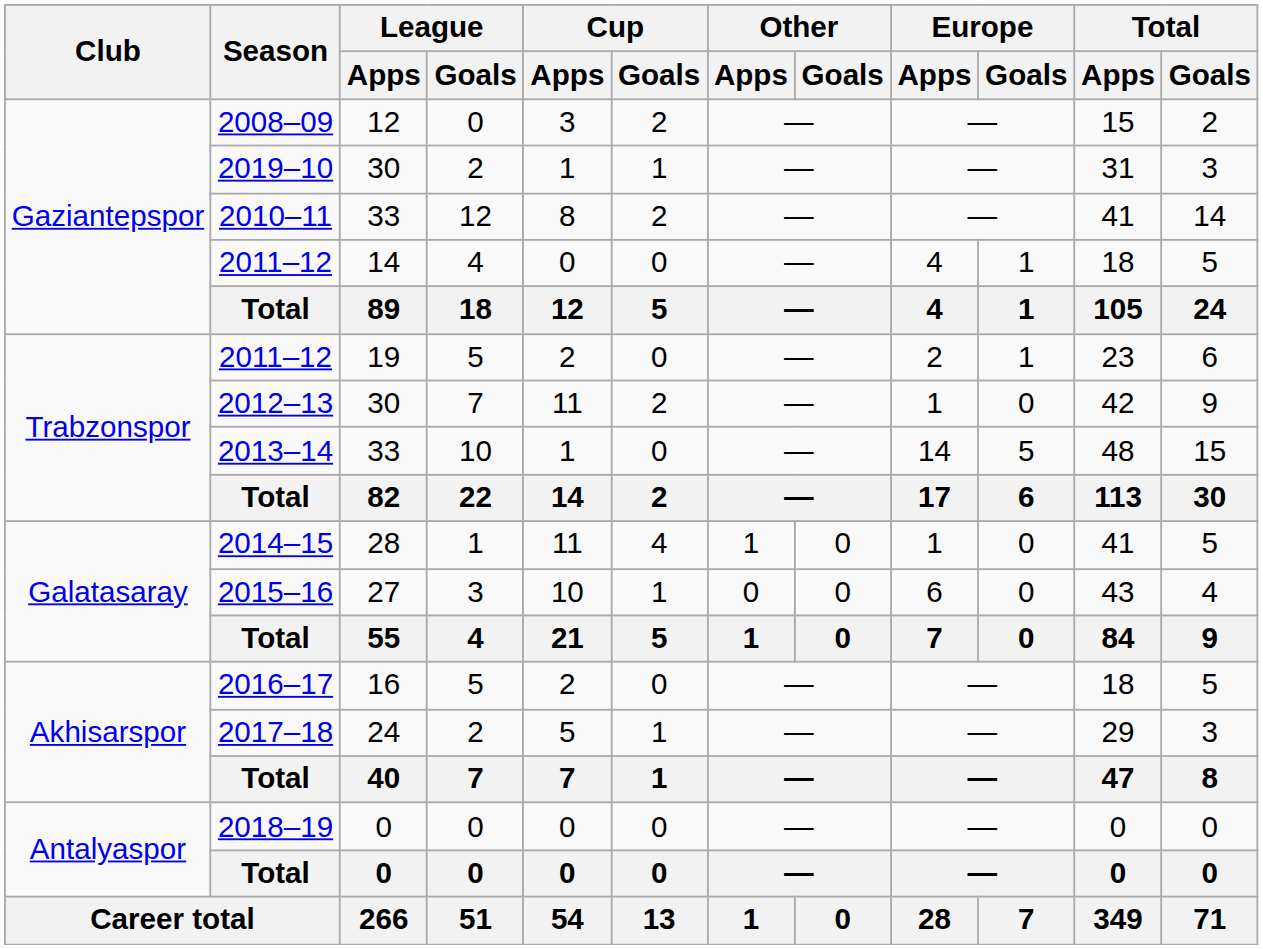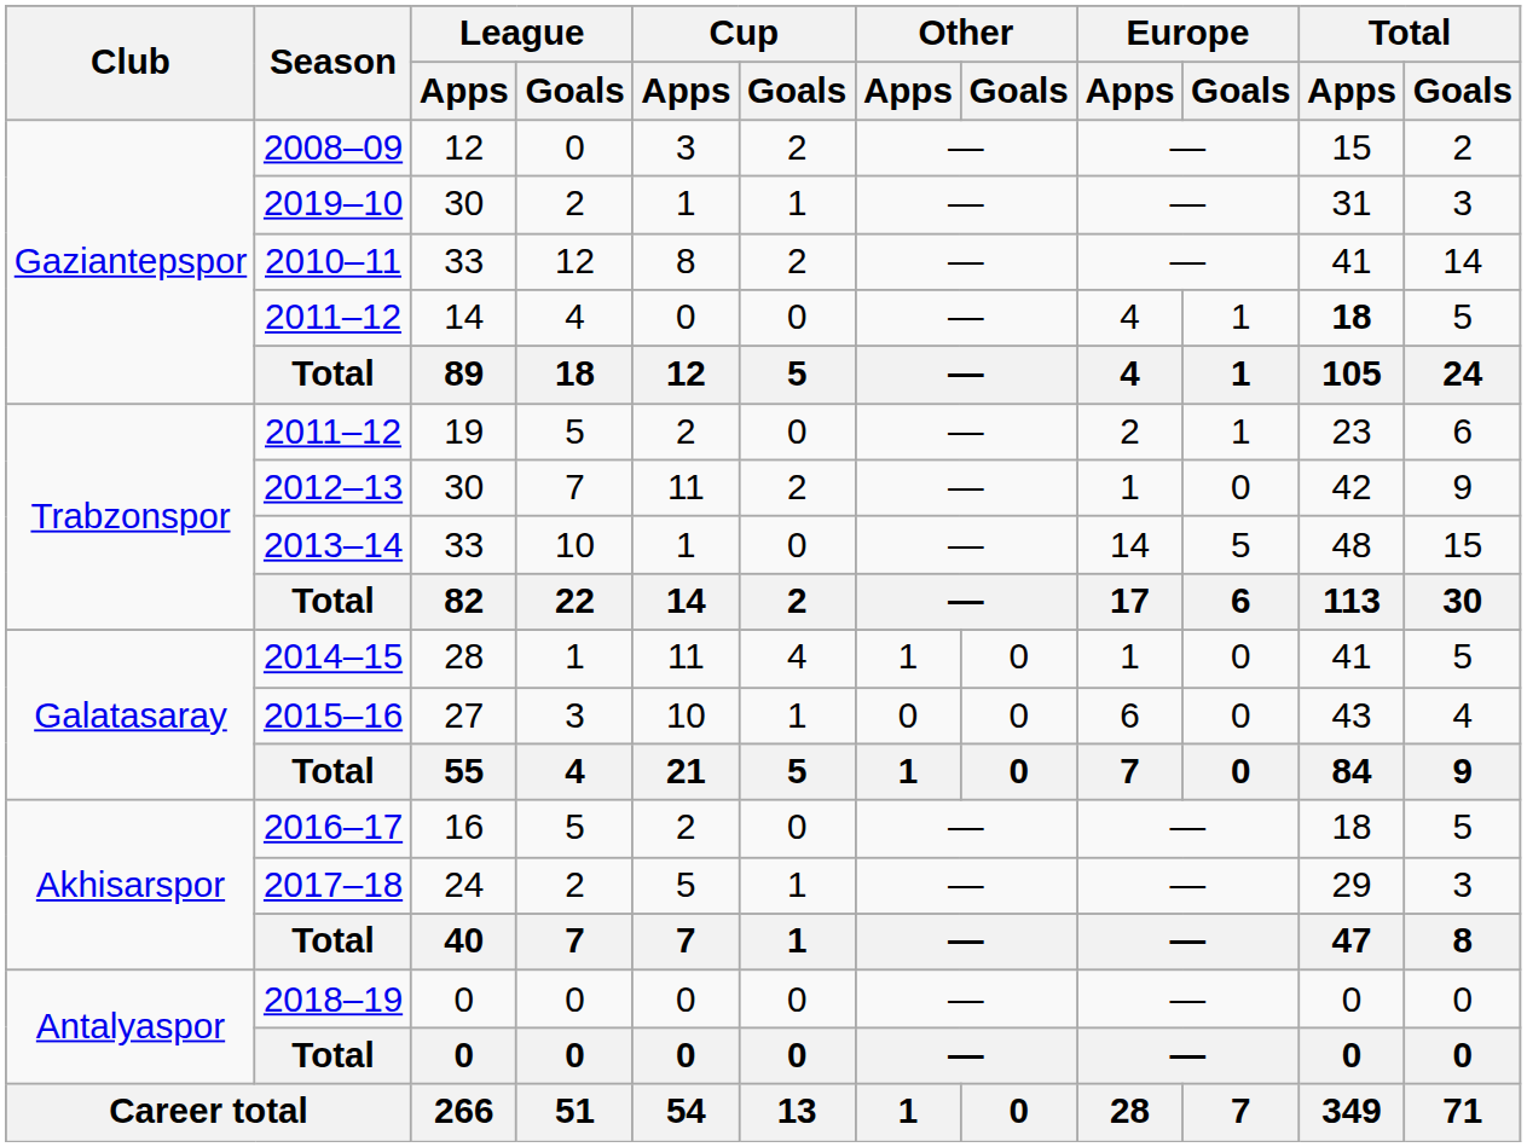 <table class="wikitable" style="text-align: center;">
 <tr>
 <th rowspan="2">Club</th>
 <th rowspan="2">Season</th>
 <th colspan="2">League</th>
 <th colspan="2">Cup</th>
 <th colspan="2">Other</th>
 <th colspan="2">Europe</th>
 <th colspan="2">Total</th>
 </tr>
 <tr>
 <th>Apps</th>
 <th>Goals</th>
 <th>Apps</th>
 <th>Goals</th>
 <th>Apps</th>
 <th>Goals</th>
 <th>Apps</th>
 <th>Goals</th>
 <th>Apps</th>
 <th>Goals</th>
 </tr>
 <tr>
 <td rowspan="5"><a href='#'>Gaziantepspor</a></td>
 <td><a href='#'>2008–09</a></td>
 <td>12</td>
 <td>0</td>
 <td>3</td>
 <td>2</td>
 <td colspan="2">—</td>
 <td colspan="2">—</td>
 <td>15</td>
 <td>2</td>
 </tr>
 <tr>
 <td><a href='#'>2019–10</a></td>
 <td>30</td>
 <td>2</td>
 <td>1</td>
 <td>1</td>
 <td colspan="2">—</td>
 <td colspan="2">—</td>
 <td>31</td>
 <td>3</td>
 </tr>
 <tr>
 <td><a href='#'>2010–11</a></td>
 <td>33</td>
 <td>12</td>
 <td>8</td>
 <td>2</td>
 <td colspan="2">—</td>
 <td colspan="2">—</td>
 <td>41</td>
 <td>14</td>
 </tr>
 <tr>
 <td><a href='#'>2011–12</a></td>
 <td>14</td>
 <td>4</td>
 <td>0</td>
 <td>0</td>
 <td colspan="2">—</td>
 <td>4</td>
 <td>1</td>
-<td>18</td>
+<td><strong>18</strong></td>
 <td>5</td>
 </tr>
 <tr>
 <th>Total</th>
 <th>89</th>
 <th>18</th>
 <th>12</th>
 <th>5</th>
 <th colspan="2">—</th>
 <th>4</th>
 <th>1</th>
 <th>105</th>
 <th>24</th>
 </tr>
 <tr>
 <td rowspan="4"><a href='#'>Trabzonspor</a></td>
 <td><a href='#'>2011–12</a></td>
 <td>19</td>
 <td>5</td>
 <td>2</td>
 <td>0</td>
 <td colspan="2">—</td>
 <td>2</td>
 <td>1</td>
 <td>23</td>
 <td>6</td>
 </tr>
 <tr>
 <td><a href='#'>2012–13</a></td>
 <td>30</td>
 <td>7</td>
 <td>11</td>
 <td>2</td>
 <td colspan="2">—</td>
 <td>1</td>
 <td>0</td>
 <td>42</td>
 <td>9</td>
 </tr>
 <tr>
 <td><a href='#'>2013–14</a></td>
 <td>33</td>
 <td>10</td>
 <td>1</td>
 <td>0</td>
 <td colspan="2">—</td>
 <td>14</td>
 <td>5</td>
 <td>48</td>
 <td>15</td>
 </tr>
 <tr>
 <th>Total</th>
 <th>82</th>
 <th>22</th>
 <th>14</th>
 <th>2</th>
 <th colspan="2">—</th>
 <th>17</th>
 <th>6</th>
 <th>113</th>
 <th>30</th>
 </tr>
 <tr>
 <td rowspan="3"><a href='#'>Galatasaray</a></td>
 <td><a href='#'>2014–15</a></td>
 <td>28</td>
 <td>1</td>
 <td>11</td>
 <td>4</td>
 <td>1</td>
 <td>0</td>
 <td>1</td>
 <td>0</td>
 <td>41</td>
 <td>5</td>
 </tr>
 <tr>
 <td><a href='#'>2015–16</a></td>
 <td>27</td>
 <td>3</td>
 <td>10</td>
 <td>1</td>
 <td>0</td>
 <td>0</td>
 <td>6</td>
 <td>0</td>
 <td>43</td>
 <td>4</td>
 </tr>
 <tr>
 <th>Total</th>
 <th>55</th>
 <th>4</th>
 <th>21</th>
 <th>5</th>
 <th>1</th>
 <th>0</th>
 <th>7</th>
 <th>0</th>
 <th>84</th>
 <th>9</th>
 </tr>
 <tr>
 <td rowspan="3"><a href='#'>Akhisarspor</a></td>
 <td><a href='#'>2016–17</a></td>
 <td>16</td>
 <td>5</td>
 <td>2</td>
 <td>0</td>
 <td colspan="2">—</td>
 <td colspan="2">—</td>
 <td>18</td>
 <td>5</td>
 </tr>
 <tr>
 <td><a href='#'>2017–18</a></td>
 <td>24</td>
 <td>2</td>
 <td>5</td>
 <td>1</td>
 <td colspan="2">—</td>
 <td colspan="2">—</td>
 <td>29</td>
 <td>3</td>
 </tr>
 <tr>
 <th>Total</th>
 <th>40</th>
 <th>7</th>
 <th>7</th>
 <th>1</th>
 <th colspan="2">—</th>
 <th colspan="2">—</th>
 <th>47</th>
 <th>8</th>
 </tr>
 <tr>
 <td rowspan="2"><a href='#'>Antalyaspor</a></td>
 <td><a href='#'>2018–19</a></td>
 <td>0</td>
 <td>0</td>
 <td>0</td>
 <td>0</td>
 <td colspan="2">—</td>
 <td colspan="2">—</td>
 <td>0</td>
 <td>0</td>
 </tr>
 <tr>
 <th>Total</th>
 <th>0</th>
 <th>0</th>
 <th>0</th>
 <th>0</th>
 <th colspan="2">—</th>
 <th colspan="2">—</th>
 <th>0</th>
 <th>0</th>
 </tr>
 <tr>
 <th colspan="2">Career total</th>
 <th>266</th>
 <th>51</th>
 <th>54</th>
 <th>13</th>
 <th>1</th>
 <th>0</th>
 <th>28</th>
 <th>7</th>
 <th>349</th>
 <th>71</th>
 </tr>
 </table>
